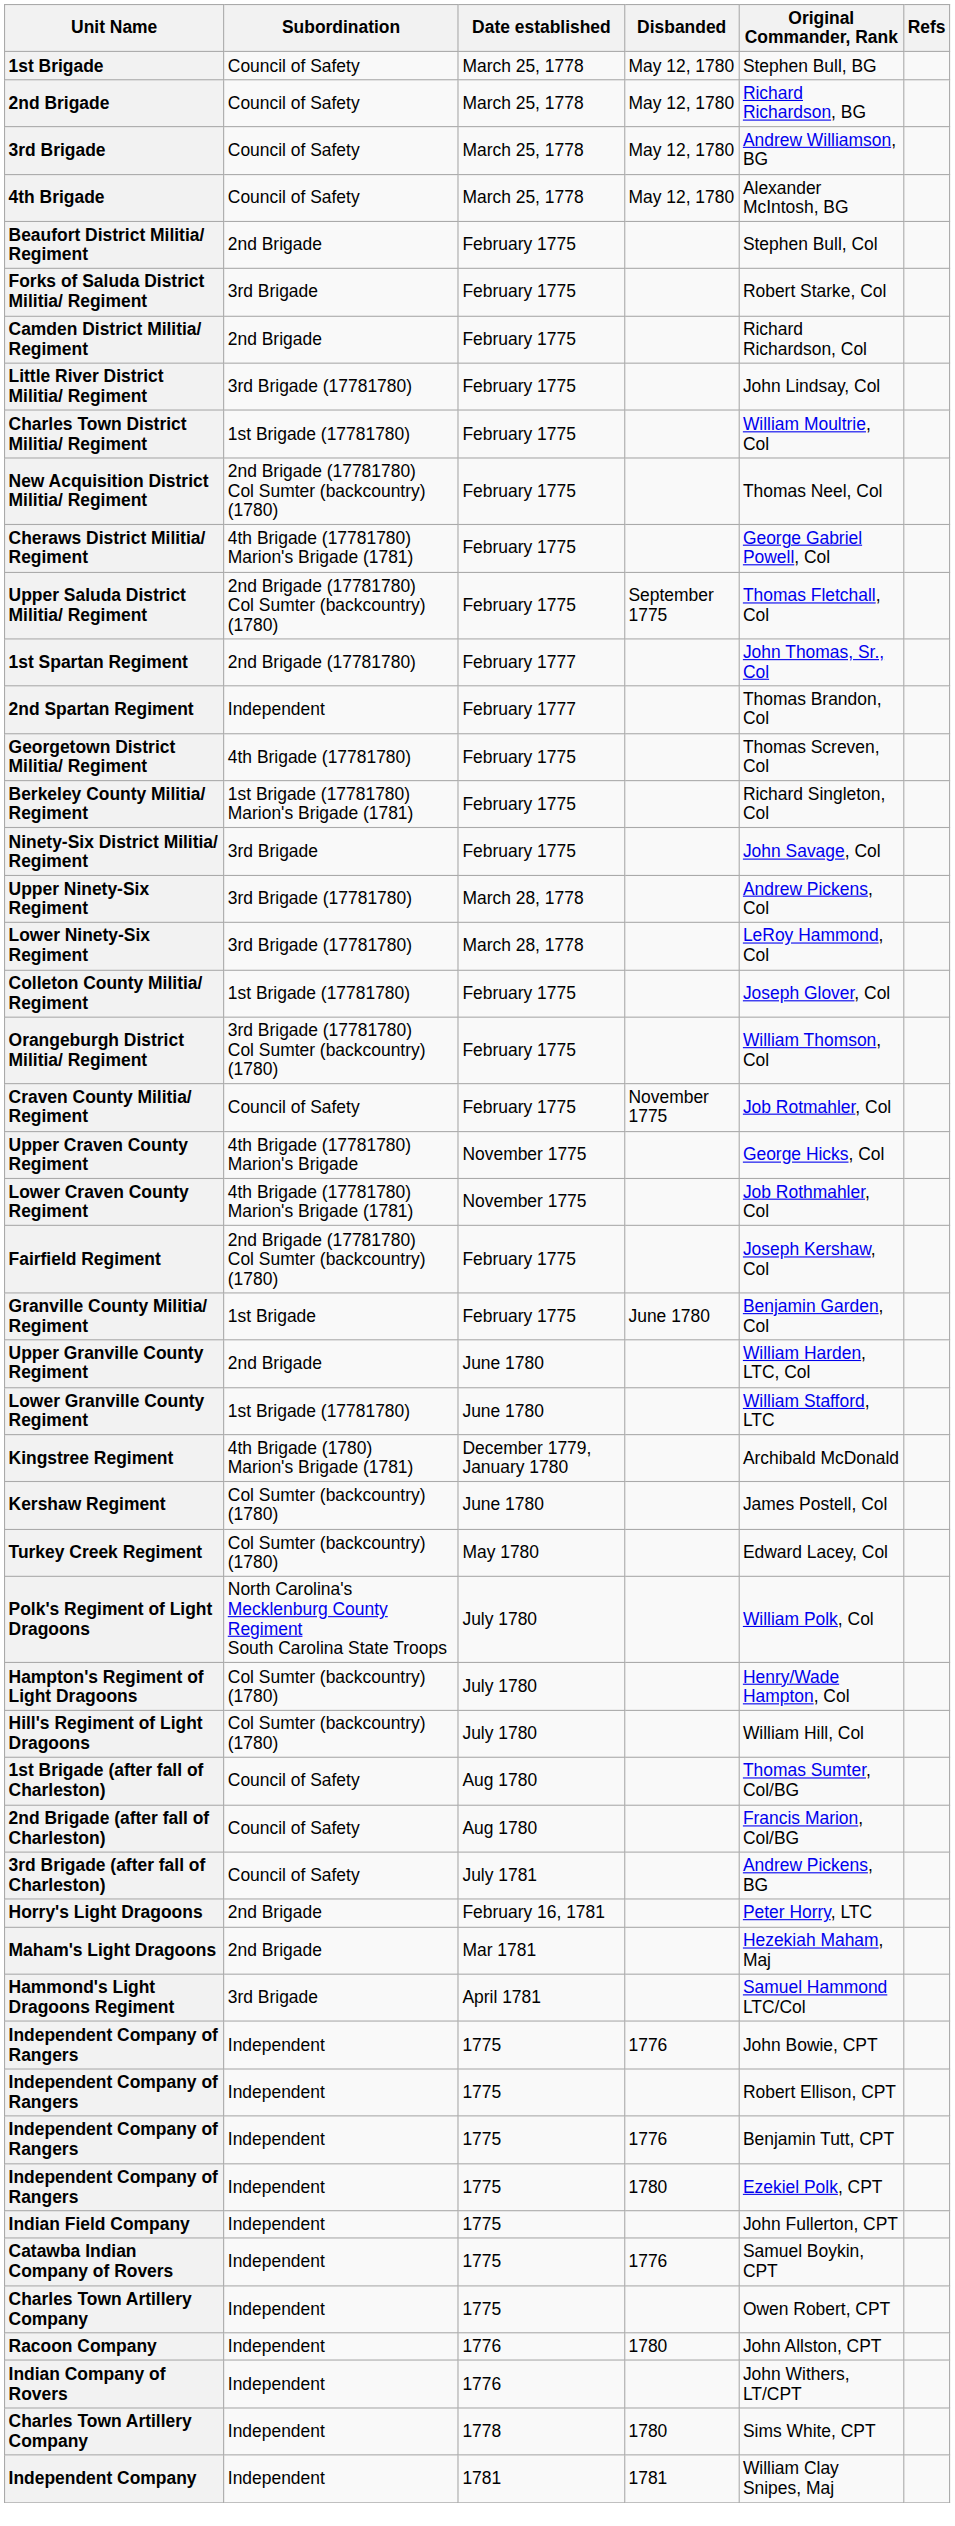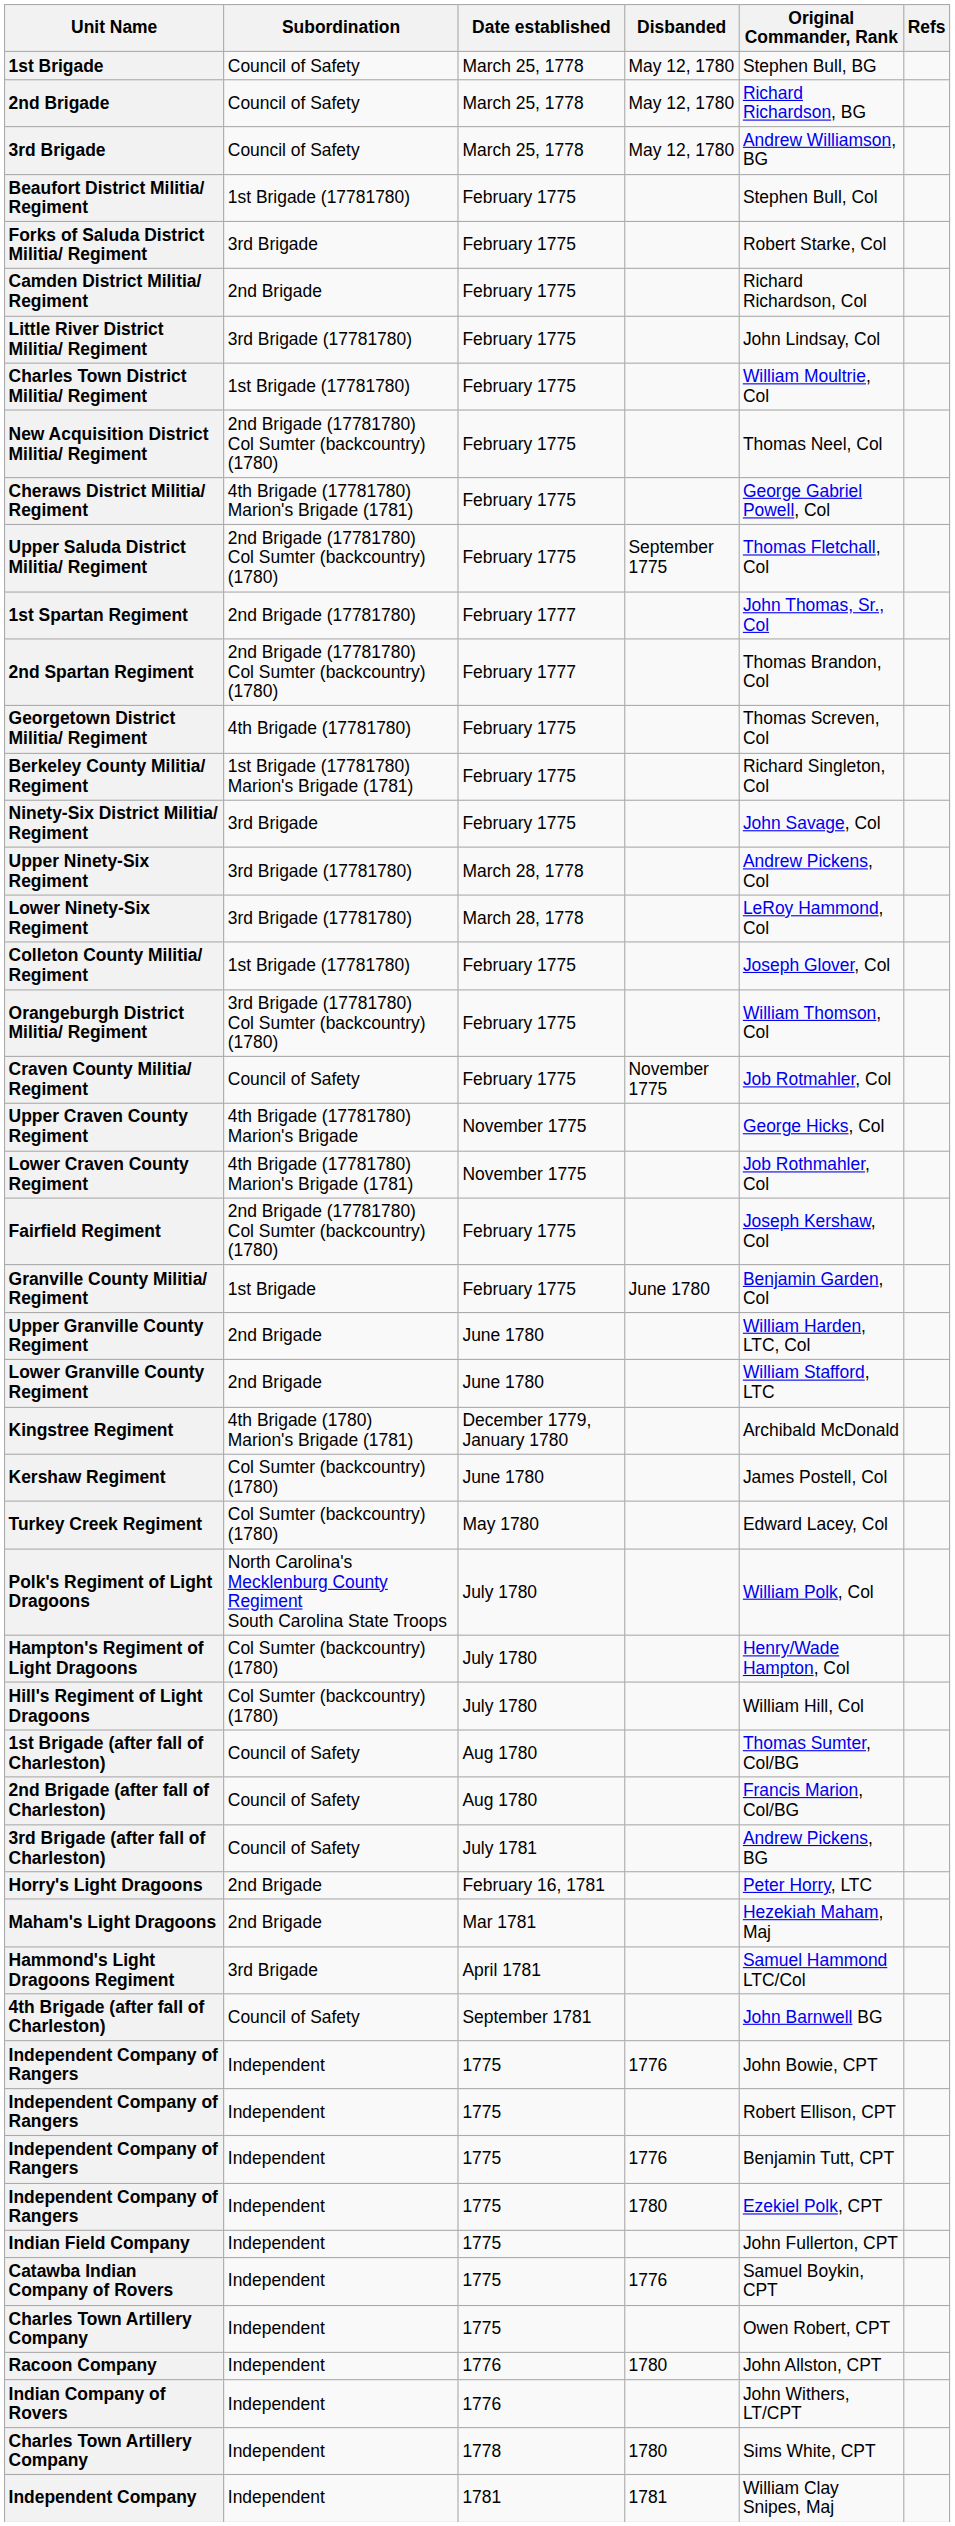 <table class="wikitable sortable plainrowheaders" summary="Militia units, showing unit, subordination, established, disbanded, original commander, and references">
 <tr>
 <th scope="col">Unit Name</th>
 <th scope="col">Subordination</th>
 <th scope="col">Date established</th>
 <th scope="col">Disbanded</th>
 <th scope="col">Original Commander, Rank</th>
 <th scope="col" class="unsortable">Refs</th>
 </tr>
 <tr>
 <th style="text-align: left;" data-sort-value="Brigade, 1st">1st Brigade</th>
 <td>Council of Safety</td>
 <td data-sort-value="1778.03">March 25, 1778</td>
 <td>May 12, 1780</td>
 <td data-sort-value="Bull, Stephen">Stephen Bull, BG</td>
 <td align=center></td>
 </tr>
 <tr>
 <th style="text-align: left;" data-sort-value="Brigade, 2nd">2nd Brigade</th>
 <td>Council of Safety</td>
 <td data-sort-value="1778.03">March 25, 1778</td>
 <td>May 12, 1780</td>
 <td data-sort-value="Richardson, Richard"><a href='#'>Richard Richardson</a>, BG</td>
 <td align=center></td>
 </tr>
 <tr>
 <th style="text-align: left;" data-sort-value="Brigade, 3rd">3rd Brigade</th>
 <td>Council of Safety</td>
 <td data-sort-value="1778.03">March 25, 1778</td>
 <td>May 12, 1780</td>
 <td data-sort-value="Williamson, Andrew"><a href='#'>Andrew Williamson</a>, BG</td>
 <td align=center></td>
 </tr>
 <tr>
-<th style="text-align: left;" data-sort-value="Brigade, 4th">4th Brigade</th>
-<td>Council of Safety</td>
-<td data-sort-value="1778.03">March 25, 1778</td>
-<td>May 12, 1780</td>
-<td data-sort-value="McIntosh, Alexander">Alexander McIntosh, BG</td>
-<td align=center></td>
-</tr>
-<tr>
 <th style="text-align: left;">Beaufort District Militia/ Regiment</th>
-<td>2nd Brigade</td>
+<td>1st Brigade (17781780)</td>
 <td data-sort-value="1775.02">February 1775</td>
 <td></td>
 <td data-sort-value="Bull, Stephen">Stephen Bull, Col</td>
 <td align=center></td>
 </tr>
 <tr>
 <th style="text-align: left;">Forks of Saluda District Militia/ Regiment</th>
 <td>3rd Brigade</td>
 <td data-sort-value="1775.02">February 1775</td>
 <td></td>
 <td data-sort-value="Starke, Robert">Robert Starke, Col</td>
 <td align=center></td>
 </tr>
 <tr>
 <th style="text-align: left;">Camden District Militia/ Regiment</th>
 <td>2nd Brigade</td>
 <td data-sort-value="1775.02">February 1775</td>
 <td></td>
 <td data-sort-value="Richardson, Richard">Richard Richardson, Col</td>
 <td align=center></td>
 </tr>
 <tr>
 <th style="text-align: left;">Little River District Militia/ Regiment</th>
 <td>3rd Brigade (17781780)</td>
 <td data-sort-value="1775.02">February 1775</td>
 <td></td>
 <td data-sort-value="Lindsay, John">John Lindsay, Col</td>
 <td align=center></td>
 </tr>
 <tr>
 <th style="text-align: left;">Charles Town District Militia/ Regiment</th>
 <td>1st Brigade (17781780)</td>
 <td data-sort-value="1775.02">February 1775</td>
 <td></td>
 <td data-sort-value="Moultrie, William"><a href='#'>William Moultrie</a>, Col</td>
 <td align=center></td>
 </tr>
 <tr>
 <th style="text-align: left;">New Acquisition District Militia/ Regiment</th>
 <td>2nd Brigade (17781780)<br>Col Sumter (backcountry) (1780)</td>
 <td data-sort-value="1775.02">February 1775</td>
 <td></td>
 <td data-sort-value="Neel, Thomas">Thomas Neel, Col</td>
 <td align=center></td>
 </tr>
 <tr>
 <th style="text-align: left;">Cheraws District Militia/ Regiment</th>
 <td>4th Brigade (17781780)<br>Marion's Brigade (1781)</td>
 <td data-sort-value="1775.02">February 1775</td>
 <td></td>
 <td data-sort-value="Powell, George Gabriel"><a href='#'>George Gabriel Powell</a>, Col</td>
 <td align=center></td>
 </tr>
 <tr>
 <th style="text-align: left;" data-sort-value="Saluda District">Upper Saluda District Militia/ Regiment</th>
 <td>2nd Brigade (17781780)<br>Col Sumter (backcountry) (1780)</td>
 <td data-sort-value="1775.02">February 1775</td>
 <td data-sort-value="1775.09">September 1775</td>
 <td data-sort-value="Fletchall, Thomas"><a href='#'>Thomas Fletchall</a>, Col</td>
 <td align=center></td>
 </tr>
 <tr>
 <th style="text-align: left;" data-sort-value="Spartan Regiment, 1st">1st Spartan Regiment</th>
 <td>2nd Brigade (17781780)</td>
 <td data-sort-value="1777.02">February 1777</td>
 <td></td>
 <td data-sort-value="Thomas, John"><a href='#'>John Thomas, Sr., Col</a></td>
 <td align=center></td>
 </tr>
 <tr>
 <th style="text-align: left;" data-sort-value="Spartan Regiment, 2nd">2nd Spartan Regiment</th>
-<td>Independent</td>
+<td>2nd Brigade (17781780)<br>Col Sumter (backcountry) (1780)</td>
 <td data-sort-value="1777.02">February 1777</td>
 <td></td>
 <td data-sort-value="Brandon, Thomas">Thomas Brandon, Col</td>
 <td align=center></td>
 </tr>
 <tr>
 <th style="text-align: left;">Georgetown District Militia/ Regiment</th>
 <td>4th Brigade (17781780)</td>
 <td data-sort-value="1775.02">February 1775</td>
 <td></td>
 <td data-sort-value="Screven, Thomas">Thomas Screven, Col</td>
 <td align=center></td>
 </tr>
 <tr>
 <th style="text-align: left;">Berkeley County Militia/ Regiment</th>
 <td>1st Brigade (17781780)<br>Marion's Brigade (1781)</td>
 <td data-sort-value="1775.02">February 1775</td>
 <td></td>
 <td data-sort-value="Singleton, Richard">Richard Singleton, Col</td>
 <td align=center></td>
 </tr>
 <tr>
 <th style="text-align: left;">Ninety-Six District Militia/ Regiment</th>
 <td>3rd Brigade</td>
 <td data-sort-value="1775.02">February 1775</td>
 <td></td>
 <td data-sort-value="Savage, John"><a href='#'>John Savage</a>, Col</td>
 <td align=center></td>
 </tr>
 <tr>
 <th style="text-align: left;" data-sort-value="Ninety-Six, Upper">Upper Ninety-Six Regiment</th>
 <td>3rd Brigade (17781780)</td>
 <td data-sort-value="1778.03">March 28, 1778</td>
 <td></td>
 <td data-sort-value="Pickens, Andrew"><a href='#'>Andrew Pickens</a>, Col</td>
 <td align=center></td>
 </tr>
 <tr>
 <th style="text-align: left;" data-sort-value="Ninety-Six, Lower">Lower Ninety-Six Regiment</th>
 <td>3rd Brigade (17781780)</td>
 <td data-sort-value="1778.03">March 28, 1778</td>
 <td></td>
 <td data-sort-value="Hammond, LeRoy"><a href='#'>LeRoy Hammond</a>, Col</td>
 <td align=center></td>
 </tr>
 <tr>
 <th style="text-align: left;">Colleton County Militia/ Regiment</th>
 <td>1st Brigade (17781780)</td>
 <td data-sort-value="1775.02">February 1775</td>
 <td></td>
 <td data-sort-value="Glover, Joseph"><a href='#'>Joseph Glover</a>, Col</td>
 <td align=center></td>
 </tr>
 <tr>
 <th style="text-align: left;">Orangeburgh District Militia/ Regiment</th>
 <td>3rd Brigade (17781780)<br>Col Sumter (backcountry) (1780)</td>
 <td data-sort-value="1775.02">February 1775</td>
 <td></td>
 <td data-sort-value="Thomson, William"><a href='#'>William Thomson</a>, Col</td>
 <td align=center></td>
 </tr>
 <tr>
 <th style="text-align: left;">Craven County Militia/ Regiment</th>
 <td>Council of Safety</td>
 <td data-sort-value="1775.02">February 1775</td>
 <td>November 1775</td>
 <td data-sort-value="Rothmahler, Job"><a href='#'>Job Rotmahler</a>, Col</td>
 <td align=center></td>
 </tr>
 <tr>
 <th style="text-align: left;" data-sort-value="Craven County Regiment, Upper">Upper Craven County Regiment</th>
 <td>4th Brigade (17781780)<br>Marion's Brigade</td>
 <td data-sort-value="1775.11">November 1775</td>
 <td></td>
 <td data-sort-value="Hicks, George"><a href='#'>George Hicks</a>, Col</td>
 <td align=center></td>
 </tr>
 <tr>
 <th style="text-align: left;" data-sort-value="Craven County Regiment, Lower">Lower Craven County Regiment</th>
 <td>4th Brigade (17781780)<br>Marion's Brigade (1781)</td>
 <td data-sort-value="1775.11">November 1775</td>
 <td></td>
 <td data-sort-value="Rothmahler, Job"><a href='#'>Job Rothmahler</a>, Col</td>
 <td align=center></td>
 </tr>
 <tr>
 <th style="text-align: left;">Fairfield Regiment</th>
 <td>2nd Brigade (17781780)<br>Col Sumter (backcountry) (1780)</td>
 <td data-sort-value="1775.02">February 1775</td>
 <td></td>
 <td data-sort-value="Kershaw, Joseph"><a href='#'>Joseph Kershaw</a>, Col</td>
 <td align=center></td>
 </tr>
 <tr>
 <th style="text-align: left;">Granville County Militia/ Regiment</th>
 <td>1st Brigade</td>
 <td data-sort-value="1775.02">February 1775</td>
 <td>June 1780</td>
 <td data-sort-value="Garden, Benjamin"><a href='#'>Benjamin Garden</a>, Col</td>
 <td align=center></td>
 </tr>
 <tr>
 <th style="text-align: left;" data-sort-value="Granville County Regiment, Upper">Upper Granville County Regiment</th>
 <td>2nd Brigade</td>
 <td data-sort-value="1780.06">June 1780</td>
 <td></td>
 <td data-sort-value="Harden, William"><a href='#'>William Harden</a>, LTC, Col</td>
 <td align=center></td>
 </tr>
 <tr>
 <th style="text-align: left;" data-sort-value="Granville County Regiment, Lower">Lower Granville County Regiment</th>
-<td>1st Brigade (17781780)</td>
+<td>2nd Brigade</td>
 <td data-sort-value="1780.06">June 1780</td>
 <td></td>
 <td data-sort-value="Stafford, William"><a href='#'>William Stafford</a>, LTC</td>
 <td align=center></td>
 </tr>
 <tr>
 <th style="text-align: left;">Kingstree Regiment</th>
 <td>4th Brigade (1780)<br>Marion's Brigade (1781)</td>
 <td data-sort-value="1779.12">December 1779, January 1780</td>
 <td></td>
 <td data-sort-value="McDonald, Archibald">Archibald McDonald</td>
 <td align=center></td>
 </tr>
 <tr>
 <th style="text-align: left;">Kershaw Regiment</th>
 <td>Col Sumter (backcountry) (1780)</td>
 <td data-sort-value="1780.06">June 1780</td>
 <td></td>
 <td data-sort-value="Postell, James">James Postell, Col</td>
 <td align=center></td>
 </tr>
 <tr>
 <th style="text-align: left;">Turkey Creek Regiment</th>
 <td>Col Sumter (backcountry) (1780)</td>
 <td data-sort-value="1780.05">May 1780</td>
 <td></td>
 <td data-sort-value="Lacey, Edward">Edward Lacey, Col</td>
 <td align=center></td>
 </tr>
 <tr>
 <th style="text-align: left;">Polk's Regiment of Light Dragoons</th>
 <td>North Carolina's <a href='#'>Mecklenburg County Regiment</a><br>South Carolina State Troops</td>
 <td data-sort-value="1780.07">July 1780</td>
 <td></td>
 <td data-sort-value="Polk, William"><a href='#'>William Polk</a>, Col</td>
 <td align=center></td>
 </tr>
 <tr>
 <th style="text-align: left;">Hampton's Regiment of Light Dragoons</th>
 <td>Col Sumter (backcountry) (1780)</td>
 <td data-sort-value="1780.07">July 1780</td>
 <td></td>
 <td data-sort-value="Hampton, Wade"><a href='#'>Henry/Wade Hampton</a>, Col</td>
 <td align=center></td>
 </tr>
 <tr>
 <th style="text-align: left;">Hill's Regiment of Light Dragoons</th>
 <td>Col Sumter (backcountry) (1780)</td>
 <td data-sort-value="1780.07">July 1780</td>
 <td></td>
 <td data-sort-value="Hill, William">William Hill, Col</td>
 <td align=center></td>
 </tr>
 <tr>
 <th style="text-align: left;" data-sort-value="Brigade, Post 1st">1st Brigade (after fall of Charleston)</th>
 <td>Council of Safety</td>
 <td data-sort-value="1780.08">Aug 1780</td>
 <td></td>
 <td data-sort-value="Sumter, Thomas"><a href='#'>Thomas Sumter</a>, Col/BG</td>
 <td align=center></td>
 </tr>
 <tr>
 <th style="text-align: left;" data-sort-value="Brigade, Post 2nd">2nd Brigade (after fall of Charleston)</th>
 <td>Council of Safety</td>
 <td data-sort-value="1780.08">Aug 1780</td>
 <td></td>
 <td data-sort-value="Marion, Francis"><a href='#'>Francis Marion</a>, Col/BG</td>
 <td align=center></td>
 </tr>
 <tr>
 <th style="text-align: left;" data-sort-value="Brigade, Post 3rd">3rd Brigade (after fall of Charleston)</th>
 <td>Council of Safety</td>
 <td data-sort-value="1781.07">July 1781</td>
 <td></td>
 <td data-sort-value="Pickens, Andrew"><a href='#'>Andrew Pickens</a>, BG</td>
 <td align=center></td>
 </tr>
 <tr>
 <th style="text-align: left;">Horry's Light Dragoons</th>
 <td>2nd Brigade</td>
 <td data-sort-value="1781.02">February 16, 1781</td>
 <td></td>
 <td data-sort-value="Horry, Peter"><a href='#'>Peter Horry</a>, LTC</td>
 <td align=center></td>
 </tr>
 <tr>
 <th style="text-align: left;">Maham's Light Dragoons</th>
 <td>2nd Brigade</td>
 <td data-sort-value="1781.03">Mar 1781</td>
 <td></td>
 <td data-sort-value="Maham, Hezekiah"><a href='#'>Hezekiah Maham</a>, Maj</td>
 <td align=center></td>
 </tr>
 <tr>
 <th style="text-align: left;">Hammond's Light Dragoons Regiment</th>
 <td>3rd Brigade</td>
 <td data-sort-value="1781.04">April 1781</td>
 <td></td>
 <td data-sort-value="Hammond, Samuel"><a href='#'>Samuel Hammond</a> LTC/Col</td>
 <td align=center></td>
 </tr>
 <tr>
+<th style="text-align: left;" data-sort-value="Brigade, Post 4th">4th Brigade (after fall of Charleston)</th>
+<td>Council of Safety</td>
+<td data-sort-value="1781.09">September 1781</td>
+<td></td>
+<td data-sort-value="Barnwell, John"><a href='#'>John Barnwell</a> BG</td>
+<td align=center></td>
+</tr>
+<tr>
 <th style="text-align: left;">Independent Company of Rangers</th>
 <td>Independent</td>
 <td data-sort-value="1775.00">1775</td>
 <td data-sort-value="1776.00">1776</td>
 <td data-sort-value="Bowie, John">John Bowie, CPT</td>
 <td align=center></td>
 </tr>
 <tr>
 <th style="text-align: left;">Independent Company of Rangers</th>
 <td>Independent</td>
 <td data-sort-value="1775.00">1775</td>
 <td></td>
 <td data-sort-value="Ellison, Robert">Robert Ellison, CPT</td>
 <td align=center></td>
 </tr>
 <tr>
 <th style="text-align: left;">Independent Company of Rangers</th>
 <td>Independent</td>
 <td data-sort-value="1775.00">1775</td>
 <td data-sort-value="1776.00">1776</td>
 <td data-sort-value="Tutt, Benjamin">Benjamin Tutt, CPT</td>
 <td align=center></td>
 </tr>
 <tr>
 <th style="text-align: left;">Independent Company of Rangers</th>
 <td>Independent</td>
 <td data-sort-value="1775.00">1775</td>
 <td data-sort-value="1780.00">1780</td>
 <td data-sort-value="Polk, Ezekiel"><a href='#'>Ezekiel Polk</a>, CPT</td>
 <td align=center></td>
 </tr>
 <tr>
 <th style="text-align: left;">Indian Field Company</th>
 <td>Independent</td>
 <td data-sort-value="1775.00">1775</td>
 <td></td>
 <td data-sort-value="Fullerton, John">John Fullerton, CPT</td>
 <td align=center></td>
 </tr>
 <tr>
 <th style="text-align: left;">Catawba Indian Company of Rovers</th>
 <td>Independent</td>
 <td data-sort-value="1775.00">1775</td>
 <td data-sort-value="1776.00">1776</td>
 <td data-sort-value="Boykin, Samuel">Samuel Boykin, CPT</td>
 <td align=center></td>
 </tr>
 <tr>
 <th style="text-align: left;">Charles Town Artillery Company</th>
 <td>Independent</td>
 <td data-sort-value="1775.00">1775</td>
 <td></td>
 <td data-sort-value="Robert, Owen">Owen Robert, CPT</td>
 <td align=center></td>
 </tr>
 <tr>
 <th style="text-align: left;">Racoon Company</th>
 <td>Independent</td>
 <td data-sort-value="1776.00">1776</td>
 <td data-sort-value="1780.00">1780</td>
 <td data-sort-value="Allston, John">John Allston, CPT</td>
 <td align=center></td>
 </tr>
 <tr>
 <th style="text-align: left;">Indian Company of Rovers</th>
 <td>Independent</td>
 <td data-sort-value="1776.00">1776</td>
 <td></td>
 <td data-sort-value="Withers, John">John Withers, LT/CPT</td>
 <td align=center></td>
 </tr>
 <tr>
 <th style="text-align: left;">Charles Town Artillery Company</th>
 <td>Independent</td>
 <td data-sort-value="1778.00">1778</td>
 <td data-sort-value="1780.00">1780</td>
 <td data-sort-value="White, Sims">Sims White, CPT</td>
 <td align=center></td>
 </tr>
 <tr>
 <th style="text-align: left;">Independent Company</th>
 <td>Independent</td>
 <td data-sort-value="1781.00">1781</td>
 <td data-sort-value="1781.00">1781</td>
 <td data-sort-value="Snipes, William Clay">William Clay Snipes, Maj</td>
 <td align=center></td>
 </tr>
 </table>
